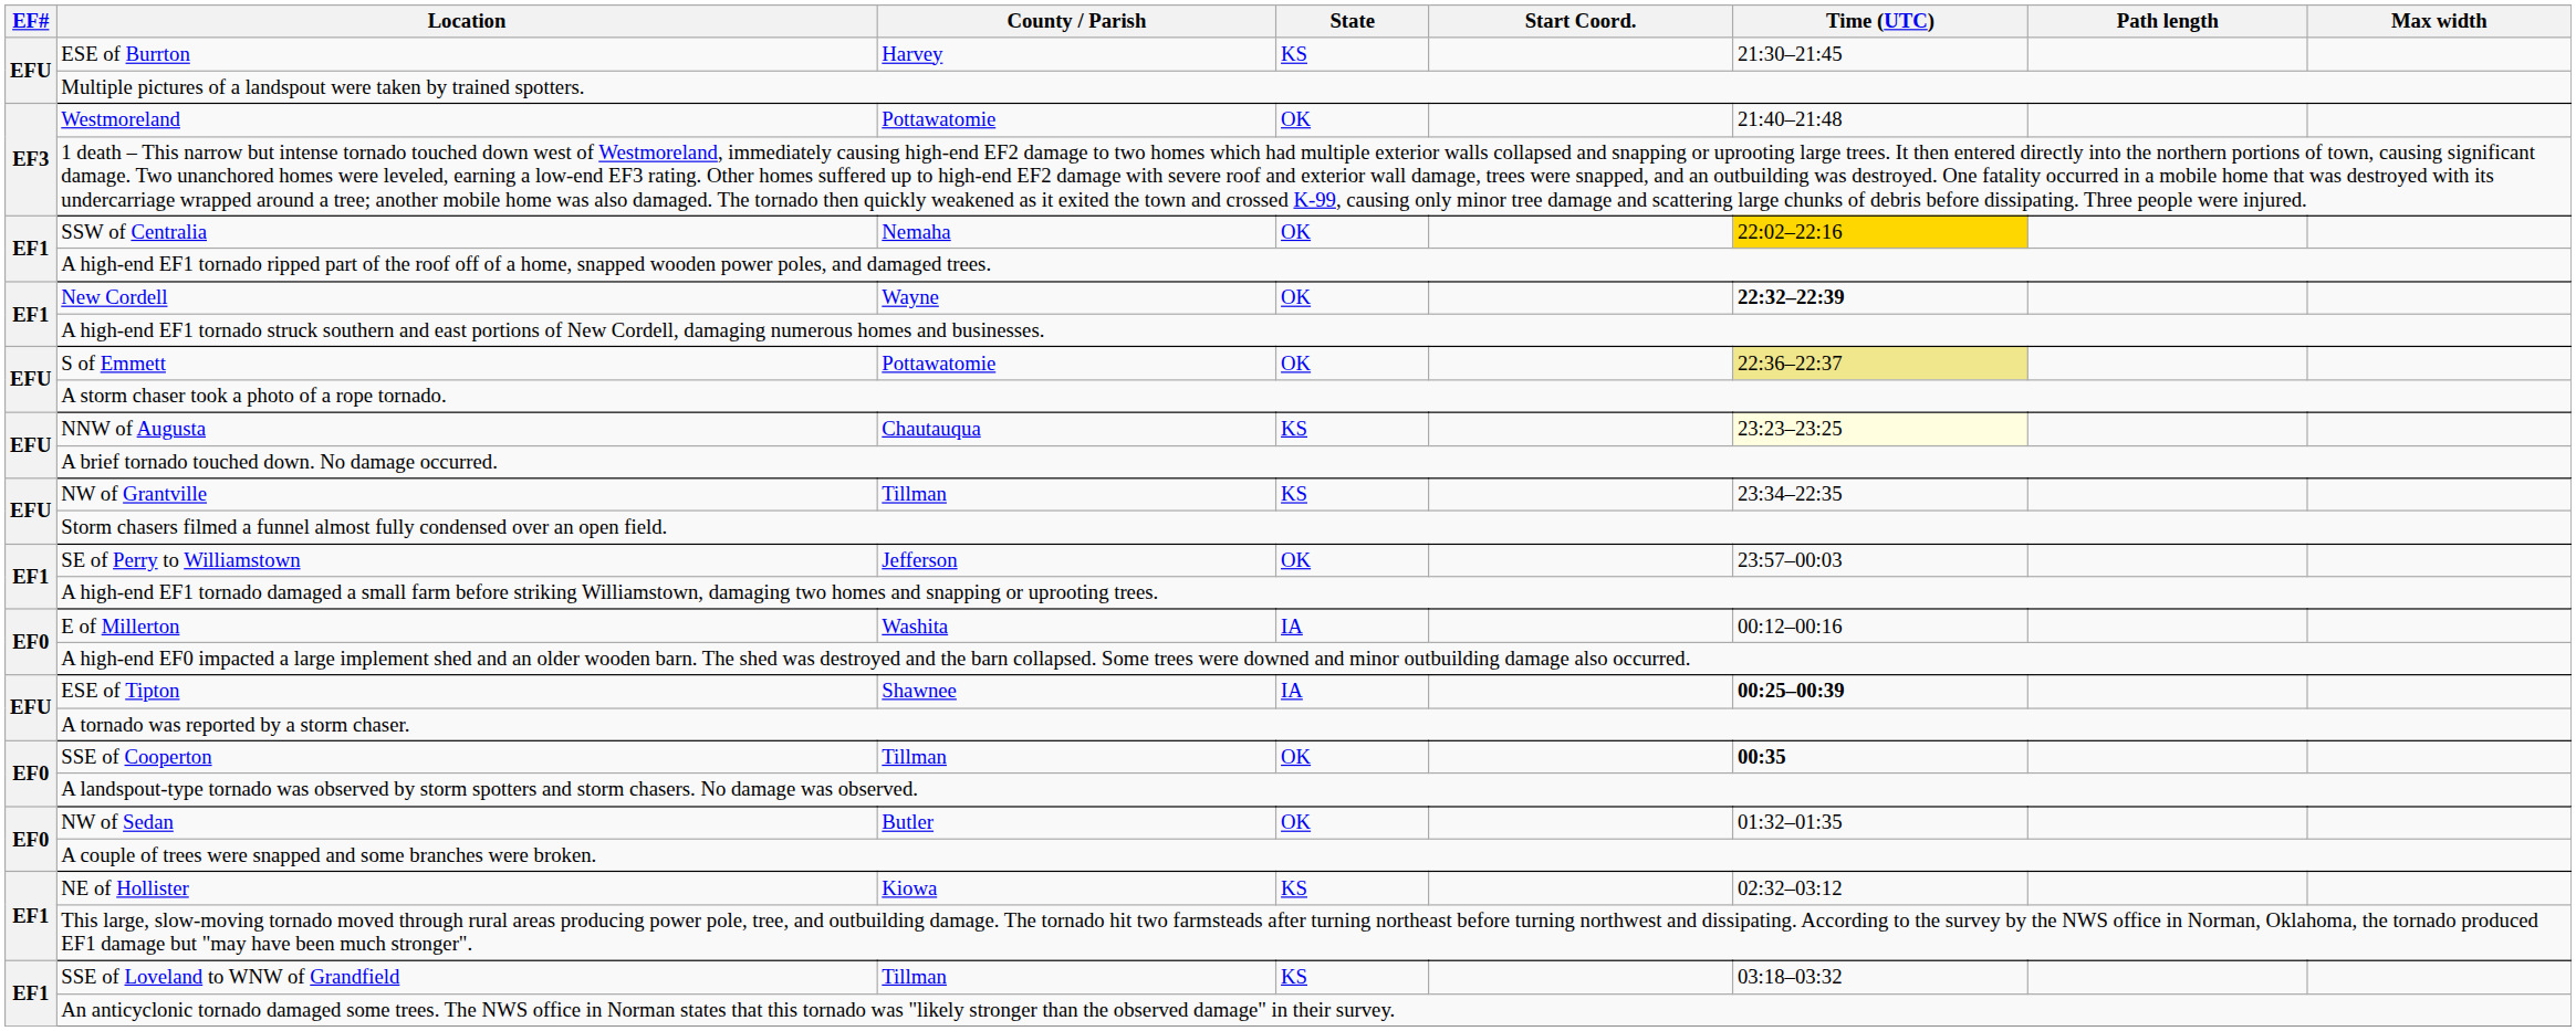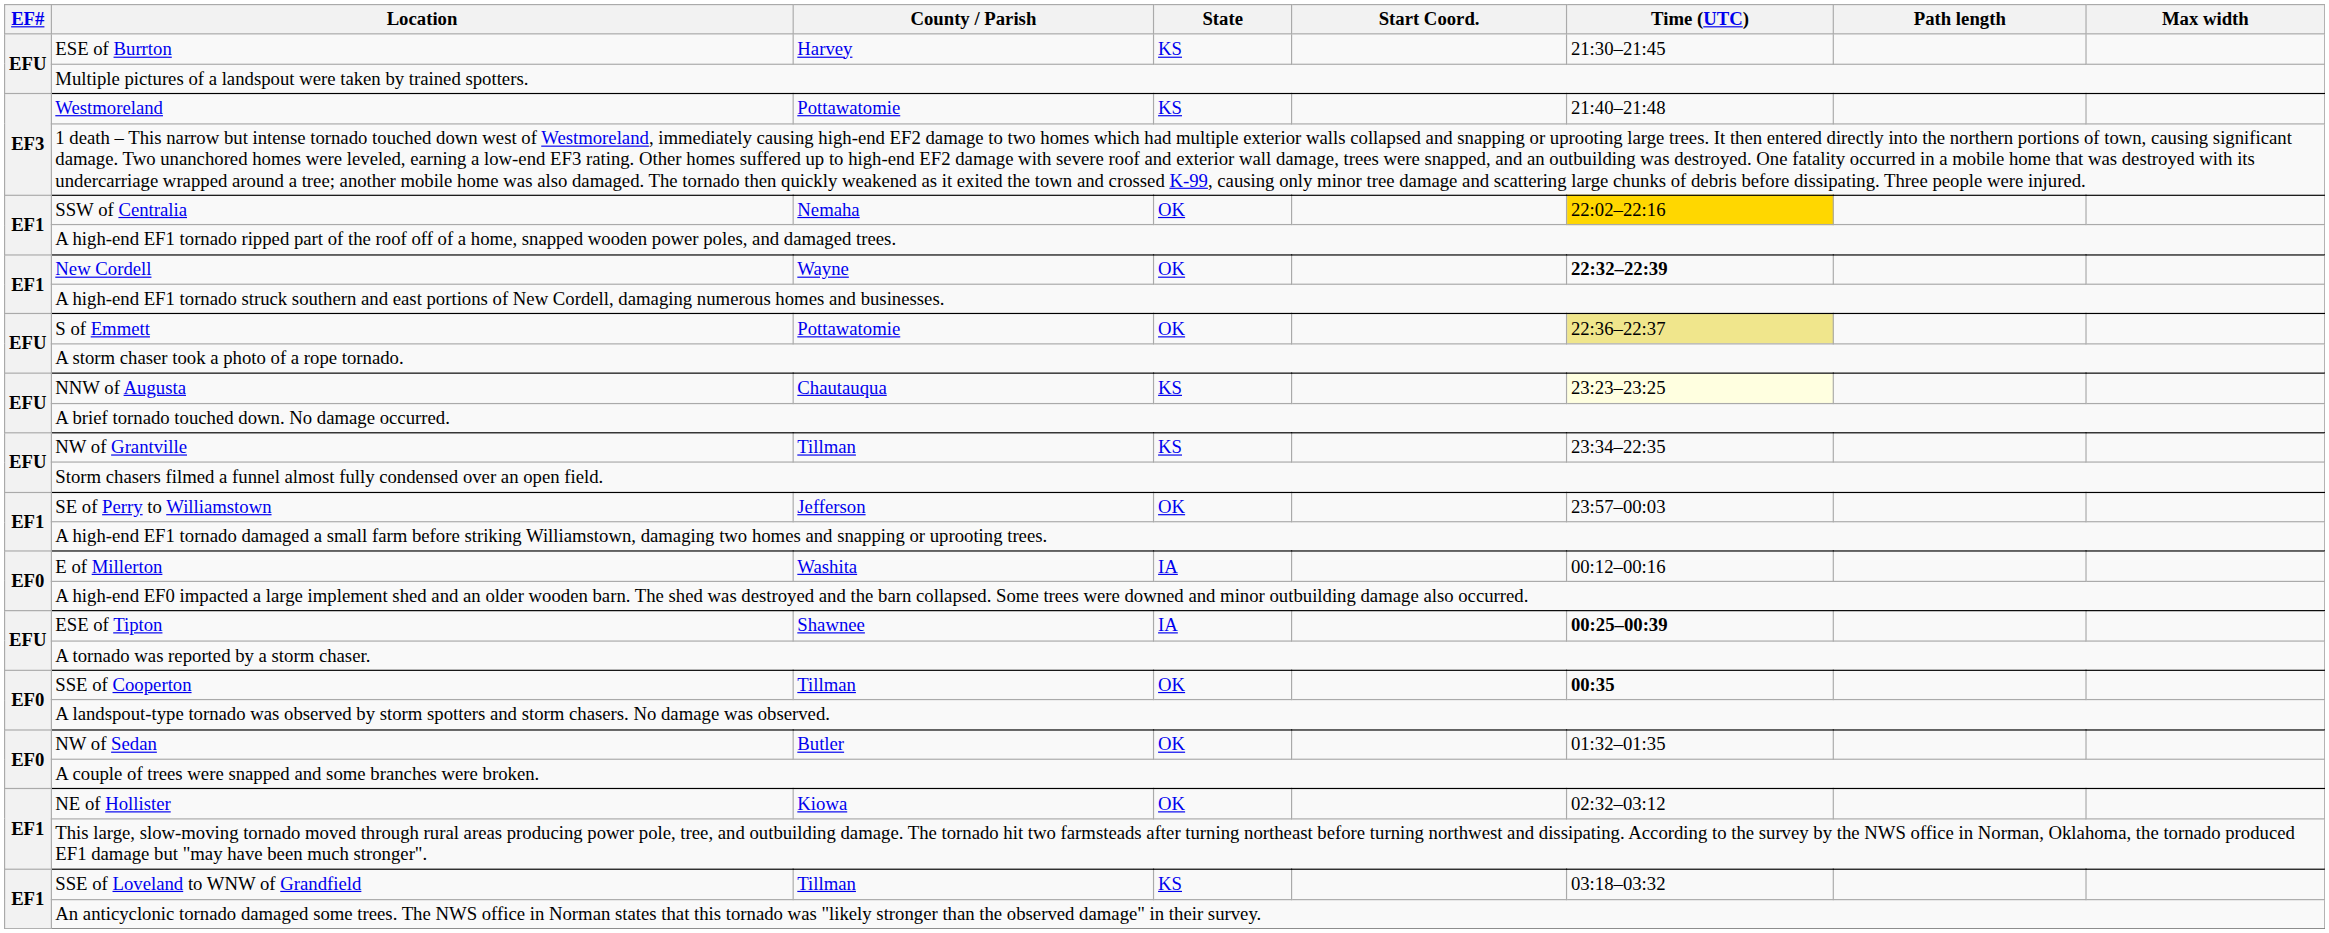 <table class="wikitable sortable" style="width:100%;">
 <tr>
 <th scope="col" width="2%" align="center"><a href='#'>EF#</a></th>
 <th scope="col" align="center" class="unsortable">Location</th>
 <th scope="col" align="center" class="unsortable">County / Parish</th>
 <th scope="col" align="center">State</th>
 <th scope="col" align="center">Start Coord.</th>
 <th scope="col" align="center">Time (<a href='#'>UTC</a>)</th>
 <th scope="col" align="center">Path length</th>
 <th scope="col" align="center">Max width</th>
 </tr>
 <tr>
 <th scope="row" rowspan="2" style="background-color:#">EFU</th>
 <td>ESE of <a href='#'>Burrton</a></td>
 <td><a href='#'>Harvey</a></td>
 <td><a href='#'>KS</a></td>
 <td></td>
 <td>21:30–21:45</td>
 <td></td>
 <td></td>
 </tr>
 <tr class="expand-child">
 <td colspan="8" style=" border-bottom: 1px solid black;">Multiple pictures of a landspout were taken by trained spotters.</td>
 </tr>
 <tr>
 <th scope="row" rowspan="2" style="background-color:#">EF3</th>
 <td><a href='#'>Westmoreland</a></td>
 <td><a href='#'>Pottawatomie</a></td>
-<td><a href='#'>OK</a></td>
+<td><a href='#'>KS</a></td>
 <td></td>
 <td>21:40–21:48</td>
 <td></td>
 <td></td>
 </tr>
 <tr class="expand-child">
 <td colspan="8" style=" border-bottom: 1px solid black;">1 death – This narrow but intense tornado touched down west of <a href='#'>Westmoreland</a>, immediately causing high-end EF2 damage to two homes which had multiple exterior walls collapsed and snapping or uprooting large trees. It then entered directly into the northern portions of town, causing significant damage. Two unanchored homes were leveled, earning a low-end EF3 rating. Other homes suffered up to high-end EF2 damage with severe roof and exterior wall damage, trees were snapped, and an outbuilding was destroyed. One fatality occurred in a mobile home that was destroyed with its undercarriage wrapped around a tree; another mobile home was also damaged. The tornado then quickly weakened as it exited the town and crossed <a href='#'>K-99</a>, causing only minor tree damage and scattering large chunks of debris before dissipating. Three people were injured.</td>
 </tr>
 <tr>
 <th scope="row" rowspan="2" style="background-color:#">EF1</th>
 <td>SSW of <a href='#'>Centralia</a></td>
 <td><a href='#'>Nemaha</a></td>
 <td><a href='#'>OK</a></td>
 <td></td>
 <td style="background: gold;">22:02–22:16</td>
 <td></td>
 <td></td>
 </tr>
 <tr class="expand-child">
 <td colspan="8" style=" border-bottom: 1px solid black;">A high-end EF1 tornado ripped part of the roof off of a home, snapped wooden power poles, and damaged trees.</td>
 </tr>
 <tr>
 <th scope="row" rowspan="2" style="background-color:#">EF1</th>
 <td><a href='#'>New Cordell</a></td>
 <td><a href='#'>Wayne</a></td>
 <td><a href='#'>OK</a></td>
 <td></td>
 <td><strong>22:32–22:39</strong></td>
 <td></td>
 <td></td>
 </tr>
 <tr class="expand-child">
 <td colspan="8" style=" border-bottom: 1px solid black;">A high-end EF1 tornado struck southern and east portions of New Cordell, damaging numerous homes and businesses.</td>
 </tr>
 <tr>
 <th scope="row" rowspan="2" style="background-color:#">EFU</th>
 <td>S of <a href='#'>Emmett</a></td>
 <td><a href='#'>Pottawatomie</a></td>
 <td><a href='#'>OK</a></td>
 <td></td>
 <td style="background: khaki;">22:36–22:37</td>
 <td></td>
 <td></td>
 </tr>
 <tr class="expand-child">
 <td colspan="8" style=" border-bottom: 1px solid black;">A storm chaser took a photo of a rope tornado.</td>
 </tr>
 <tr>
 <th scope="row" rowspan="2" style="background-color:#">EFU</th>
 <td>NNW of <a href='#'>Augusta</a></td>
 <td><a href='#'>Chautauqua</a></td>
 <td><a href='#'>KS</a></td>
 <td></td>
 <td style="background: lightyellow;">23:23–23:25</td>
 <td></td>
 <td></td>
 </tr>
 <tr class="expand-child">
 <td colspan="8" style=" border-bottom: 1px solid black;">A brief tornado touched down. No damage occurred.</td>
 </tr>
 <tr>
 <th scope="row" rowspan="2" style="background-color:#">EFU</th>
 <td>NW of <a href='#'>Grantville</a></td>
 <td><a href='#'>Tillman</a></td>
 <td><a href='#'>KS</a></td>
 <td></td>
 <td>23:34–22:35</td>
 <td></td>
 <td></td>
 </tr>
 <tr class="expand-child">
 <td colspan="8" style=" border-bottom: 1px solid black;">Storm chasers filmed a funnel almost fully condensed over an open field.</td>
 </tr>
 <tr>
 <th scope="row" rowspan="2" style="background-color:#">EF1</th>
 <td>SE of <a href='#'>Perry</a> to <a href='#'>Williamstown</a></td>
 <td><a href='#'>Jefferson</a></td>
 <td><a href='#'>OK</a></td>
 <td></td>
 <td>23:57–00:03</td>
 <td></td>
 <td></td>
 </tr>
 <tr class="expand-child">
 <td colspan="8" style=" border-bottom: 1px solid black;">A high-end EF1 tornado damaged a small farm before striking Williamstown, damaging two homes and snapping or uprooting trees.</td>
 </tr>
 <tr>
 <th scope="row" rowspan="2" style="background-color:#">EF0</th>
 <td>E of <a href='#'>Millerton</a></td>
 <td><a href='#'>Washita</a></td>
 <td><a href='#'>IA</a></td>
 <td></td>
 <td>00:12–00:16</td>
 <td></td>
 <td></td>
 </tr>
 <tr class="expand-child">
 <td colspan="8" style=" border-bottom: 1px solid black;">A high-end EF0 impacted a large implement shed and an older wooden barn. The shed was destroyed and the barn collapsed. Some trees were downed and minor outbuilding damage also occurred.</td>
 </tr>
 <tr>
 <th scope="row" rowspan="2" style="background-color:#">EFU</th>
 <td>ESE of <a href='#'>Tipton</a></td>
 <td><a href='#'>Shawnee</a></td>
 <td><a href='#'>IA</a></td>
 <td></td>
 <td><strong>00:25–00:39</strong></td>
 <td></td>
 <td></td>
 </tr>
 <tr class="expand-child">
 <td colspan="8" style=" border-bottom: 1px solid black;">A tornado was reported by a storm chaser.</td>
 </tr>
 <tr>
 <th scope="row" rowspan="2" style="background-color:#">EF0</th>
 <td>SSE of <a href='#'>Cooperton</a></td>
 <td><a href='#'>Tillman</a></td>
 <td><a href='#'>OK</a></td>
 <td></td>
 <td><strong>00:35</strong></td>
 <td></td>
 <td></td>
 </tr>
 <tr class="expand-child">
 <td colspan="8" style=" border-bottom: 1px solid black;">A landspout-type tornado was observed by storm spotters and storm chasers. No damage was observed.</td>
 </tr>
 <tr>
 <th scope="row" rowspan="2" style="background-color:#">EF0</th>
 <td>NW of <a href='#'>Sedan</a></td>
 <td><a href='#'>Butler</a></td>
 <td><a href='#'>OK</a></td>
 <td></td>
 <td>01:32–01:35</td>
 <td></td>
 <td></td>
 </tr>
 <tr class="expand-child">
 <td colspan="8" style=" border-bottom: 1px solid black;">A couple of trees were snapped and some branches were broken.</td>
 </tr>
 <tr>
 <th scope="row" rowspan="2" style="background-color:#">EF1</th>
 <td>NE of <a href='#'>Hollister</a></td>
 <td><a href='#'>Kiowa</a></td>
-<td><a href='#'>KS</a></td>
+<td><a href='#'>OK</a></td>
 <td></td>
 <td>02:32–03:12</td>
 <td></td>
 <td></td>
 </tr>
 <tr class="expand-child">
 <td colspan="8" style=" border-bottom: 1px solid black;">This large, slow-moving tornado moved through rural areas producing power pole, tree, and outbuilding damage. The tornado hit two farmsteads after turning northeast before turning northwest and dissipating. According to the survey by the NWS office in Norman, Oklahoma, the tornado produced EF1 damage but "may have been much stronger".</td>
 </tr>
 <tr>
 <th scope="row" rowspan="2" style="background-color:#">EF1</th>
 <td>SSE of <a href='#'>Loveland</a> to WNW of <a href='#'>Grandfield</a></td>
 <td><a href='#'>Tillman</a></td>
 <td><a href='#'>KS</a></td>
 <td></td>
 <td>03:18–03:32</td>
 <td></td>
 <td></td>
 </tr>
 <tr class="expand-child">
 <td colspan="8" style=" border-bottom: 1px solid black;">An anticyclonic tornado damaged some trees. The NWS office in Norman states that this tornado was "likely stronger than the observed damage" in their survey.</td>
 </tr>
 <tr>
 </tr>
 </table>
